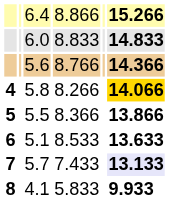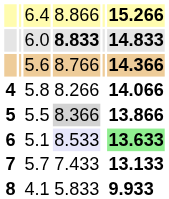 <table>
 <tr style="background:#fffcaf;">
 <th scope=row style="text-align:center"></th>
 <td style="text-align:left;"></td>
 <td>6.4</td>
 <td>8.866</td>
 <td></td>
 <td><strong>15.266</strong></td>
 </tr>
 <tr style="background:#e5e5e5;">
 <th scope=row style="text-align:center"></th>
 <td style="text-align:left;"></td>
 <td>6.0</td>
-<td>8.833</td>
+<td><strong>8.833</strong></td>
 <td></td>
 <td><strong>14.833</strong></td>
 </tr>
 <tr style="background:#ec9;">
 <th scope=row style="text-align:center"></th>
 <td style="text-align:left;"></td>
 <td>5.6</td>
 <td>8.766</td>
 <td></td>
 <td><strong>14.366</strong></td>
 </tr>
 <tr>
 <th scope=row style="text-align:center">4</th>
 <td style="text-align:left;"></td>
 <td>5.8</td>
 <td>8.266</td>
 <td></td>
-<td style="background: gold;"><strong>14.066</strong></td>
+<td><strong>14.066</strong></td>
 </tr>
 <tr>
 <th scope=row style="text-align:center">5</th>
 <td style="text-align:left;"></td>
 <td>5.5</td>
-<td>8.366</td>
+<td style="background: lightgrey;">8.366</td>
 <td></td>
 <td><strong>13.866</strong></td>
 </tr>
 <tr>
 <th scope=row style="text-align:center">6</th>
 <td style="text-align:left;"></td>
 <td>5.1</td>
-<td>8.533</td>
+<td style="background: lavender;">8.533</td>
 <td></td>
-<td><strong>13.633</strong></td>
+<td style="background: lightgreen;"><strong>13.633</strong></td>
 </tr>
 <tr>
 <th scope=row style="text-align:center">7</th>
 <td style="text-align:left;"></td>
 <td>5.7</td>
 <td>7.433</td>
 <td></td>
-<td style="background: lavender;"><strong>13.133</strong></td>
+<td><strong>13.133</strong></td>
 </tr>
 <tr>
 <th scope=row style="text-align:center">8</th>
 <td style="text-align:left;"></td>
 <td>4.1</td>
 <td>5.833</td>
 <td></td>
 <td><strong>9.933</strong></td>
 </tr>
 </table>
